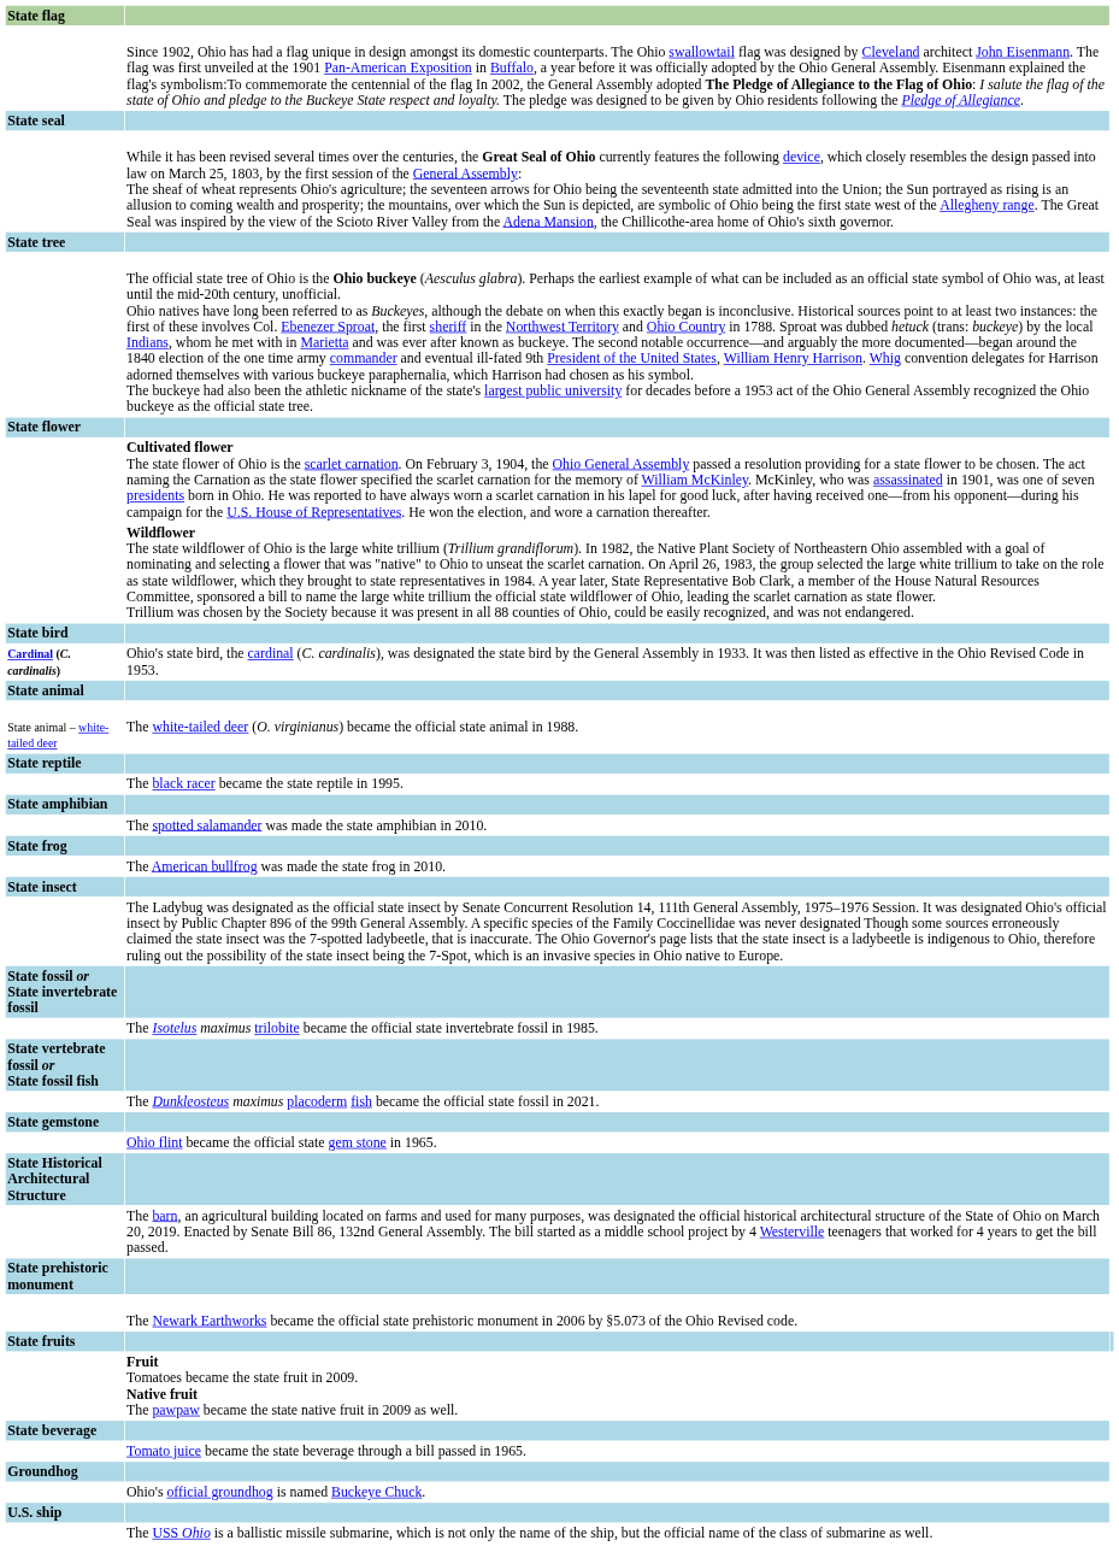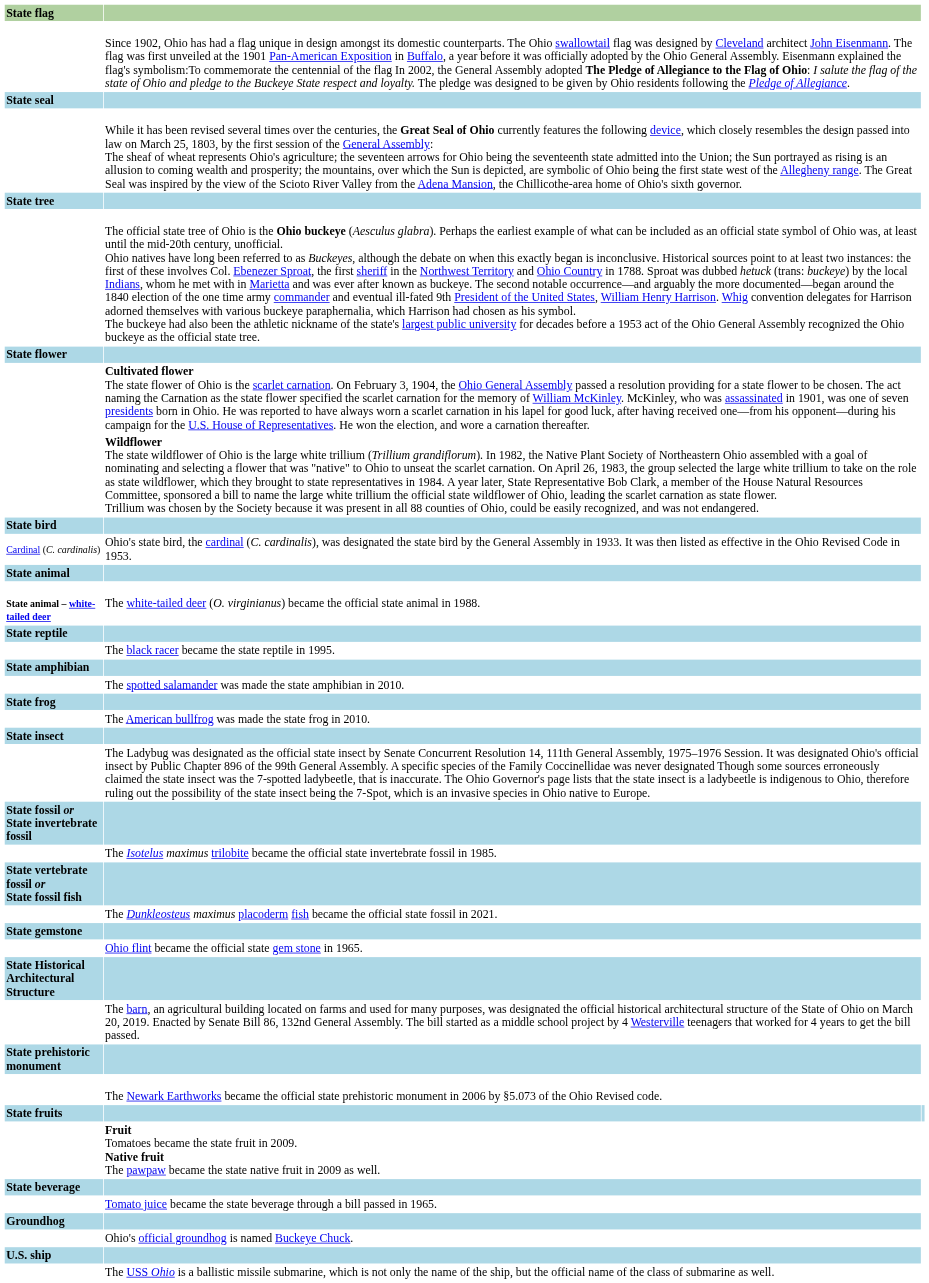 <table border="0" cellpadding="2" cellspacing="1" style="clear:both; margin-right:0.9em;">
 <tr bgcolor=blueid="Flag">
 <td><strong><span>State flag</span></strong></td>
 <td></td>
 </tr>
 <tr>
 <td></td>
 <td><br>Since 1902, Ohio has had a flag unique in design amongst its domestic counterparts. The Ohio <a href='#'>swallowtail</a> flag was designed by <a href='#'>Cleveland</a> architect <a href='#'>John Eisenmann</a>. The flag was first unveiled at the 1901 <a href='#'>Pan-American Exposition</a> in <a href='#'>Buffalo</a>, a year before it was officially adopted by the Ohio General Assembly. Eisenmann explained the flag's symbolism:To commemorate the centennial of the flag In 2002, the General Assembly adopted <strong>The Pledge of Allegiance to the Flag of Ohio</strong>: <em>I salute the flag of the state of Ohio and pledge to the Buckeye State respect and loyalty.</em> The pledge was designed to be given by Ohio residents following the <em><a href='#'>Pledge of Allegiance</a></em>.</td>
 </tr>
 <tr style="background:lightblue;" id="Seal">
 <td><strong><span>State seal</span></strong></td>
 <td></td>
 </tr>
 <tr>
 <td></td>
 <td><br>While it has been revised several times over the centuries, the <strong>Great Seal of Ohio</strong> currently features the following <a href='#'>device</a>, which closely resembles the design passed into law on March 25, 1803, by the first session of the <a href='#'>General Assembly</a>:<br>  The sheaf of wheat represents Ohio's agriculture; the seventeen arrows for Ohio being the seventeenth state admitted into the Union; the Sun portrayed as rising is an allusion to coming wealth and prosperity; the mountains, over which the Sun is depicted, are symbolic of Ohio being the first state west of the <a href='#'>Allegheny range</a>. The Great Seal was inspired by the view of the Scioto River Valley from the <a href='#'>Adena Mansion</a>, the Chillicothe-area home of Ohio's sixth governor.</td>
 </tr>
 <tr style="background:lightblue;" id="Tree">
 <td><strong><span>State tree</span></strong></td>
 <td></td>
 </tr>
 <tr>
 <td> </td>
 <td><br>The official state tree of Ohio is the <strong>Ohio buckeye</strong> (<em>Aesculus glabra</em>). Perhaps the earliest example of what can be included as an official state symbol of Ohio was, at least until the mid-20th century, unofficial.<br>Ohio natives have long been referred to as <em>Buckeyes</em>, although the debate on when this exactly began is inconclusive. Historical sources point to at least two instances: the first of these involves Col. <a href='#'>Ebenezer Sproat</a>, the first <a href='#'>sheriff</a> in the <a href='#'>Northwest Territory</a> and <a href='#'>Ohio Country</a> in 1788. Sproat was dubbed <em>hetuck</em> (trans: <em>buckeye</em>) by the local <a href='#'>Indians</a>, whom he met with in <a href='#'>Marietta</a> and was ever after known as buckeye.  The second notable occurrence—and arguably the more documented—began around the 1840 election of the one time army <a href='#'>commander</a> and eventual ill-fated 9th <a href='#'>President of the United States</a>, <a href='#'>William Henry Harrison</a>. <a href='#'>Whig</a> convention delegates for Harrison adorned themselves with various buckeye paraphernalia, which Harrison had chosen as his symbol.<br>The buckeye had also been the athletic nickname of the state's <a href='#'>largest public university</a> for decades before a 1953 act of the Ohio General Assembly recognized the Ohio buckeye as the official state tree.</td>
 </tr>
 <tr style="background:lightblue;" id="Flowers">
 <td><strong><span>State flower</span></strong></td>
 <td></td>
 </tr>
 <tr>
 <td></td>
 <td><strong>Cultivated flower</strong><br>The state flower of Ohio is the <a href='#'>scarlet carnation</a>. On February 3, 1904, the <a href='#'>Ohio General Assembly</a> passed a resolution providing for a state flower to be chosen. The act naming the Carnation as the state flower specified the scarlet carnation for the memory of <a href='#'>William McKinley</a>. McKinley, who was <a href='#'>assassinated</a> in 1901, was one of seven <a href='#'>presidents</a> born in Ohio. He was reported to have always worn a scarlet carnation in his lapel for good luck, after having received one—from his opponent—during his campaign for the <a href='#'>U.S. House of Representatives</a>. He won the election, and wore a carnation thereafter.</td>
 </tr>
 <tr>
 <td></td>
 <td><strong>Wildflower</strong><br>The state wildflower of Ohio is the large white trillium (<em>Trillium grandiflorum</em>). In 1982, the Native Plant Society of Northeastern Ohio assembled with a goal of nominating and selecting a flower that was "native" to Ohio to unseat the scarlet carnation. On April 26, 1983, the group selected the large white trillium to take on the role as state wildflower, which they brought to state representatives in 1984. A year later, State Representative Bob Clark, a member of the House Natural Resources Committee, sponsored a bill to name the large white trillium the official state wildflower of Ohio, leading the scarlet carnation as state flower.<br>Trillium was chosen by the Society because it was present in all 88 counties of Ohio, could be easily recognized, and was not endangered.</td>
 </tr>
 <tr style="background:lightblue;" id="Birds">
 <td><strong><span>State bird</span></strong></td>
 <td></td>
 </tr>
 <tr>
-<td><strong> <small> <a href='#'>Cardinal</a> (<em>C. cardinalis</em>)</small></strong></td>
+<td> <small> <a href='#'>Cardinal</a> (<em>C. cardinalis</em>)</small></td>
 <td>Ohio's state bird, the <a href='#'>cardinal</a> (<em>C. cardinalis</em>), was designated the state bird by the General Assembly in 1933.  It was then listed as effective in the Ohio Revised Code in 1953.</td>
 </tr>
 <tr style="background:lightblue;" id="State animal">
 <td><strong><span>State animal</span></strong></td>
 <td></td>
 </tr>
 <tr>
-<td><br><small>State animal – <a href='#'>white-tailed deer</a></small></td>
+<td><strong><br><small>State animal – <a href='#'>white-tailed deer</a></small></strong></td>
 <td>The <a href='#'>white-tailed deer</a> (<em>O. virginianus</em>) became the official state animal in 1988.</td>
 </tr>
 <tr style="background:lightblue;" id="Reptile">
 <td><strong><span>State reptile</span></strong></td>
 <td></td>
 </tr>
 <tr>
 <td></td>
 <td>The <a href='#'>black racer</a> became the  state reptile in 1995.</td>
 </tr>
 <tr style="background:lightblue;" id="Amphibian">
 <td><strong><span>State amphibian</span></strong></td>
 <td></td>
 </tr>
 <tr>
 <td></td>
 <td>The <a href='#'>spotted salamander</a> was made the state amphibian in 2010.</td>
 </tr>
 <tr style="background:lightblue;" id="Frog">
 <td><strong><span>State frog</span></strong></td>
 <td></td>
 </tr>
 <tr>
 <td></td>
 <td>The <a href='#'>American bullfrog</a> was made the state frog in 2010.</td>
 </tr>
 <tr style="background:lightblue;" id="Insect">
 <td><strong><span>State insect</span></strong></td>
 <td></td>
 </tr>
 <tr>
 <td></td>
 <td>The Ladybug was designated as the official state insect by Senate Concurrent Resolution 14, 111th General Assembly, 1975–1976 Session. It was designated Ohio's official insect by Public Chapter 896 of the 99th General Assembly. A specific species of the Family Coccinellidae was never designated Though some sources erroneously claimed the state insect was the 7-spotted ladybeetle, that is inaccurate. The Ohio Governor's page lists that the state insect is a ladybeetle is indigenous to Ohio, therefore ruling out the possibility of the state insect being the 7-Spot, which is an invasive species in Ohio native to Europe.</td>
 <td></td>
 </tr>
 <tr bgcolor=lightblue id="Fossil (invertebrate) [Fossil ">
 <td><strong><span>State fossil <em>or</em><br> State invertebrate fossil</span></strong></td>
 <td></td>
 </tr>
 <tr>
 <td></td>
 <td>The <em><a href='#'>Isotelus</a> maximus</em> <a href='#'>trilobite</a> became the official state invertebrate fossil in 1985.</td>
 <td></td>
 <td></td>
 </tr>
 <tr bgcolor=lightblue id="Fossil (vertebrate/fish) [Vertebrate Fossil ">
 <td><strong><span>State vertebrate fossil <em>or</em><br> State fossil fish</span></strong></td>
 <td></td>
 </tr>
 <tr>
 <td></td>
 <td>The <em><a href='#'>Dunkleosteus</a> maximus</em> <a href='#'>placoderm</a> <a href='#'>fish</a> became the official state fossil in 2021.</td>
 <td></td>
 </tr>
 <tr style="background:lightblue;" id="Mineral">
 <td><strong><span>State gemstone</span></strong></td>
 <td></td>
 </tr>
 <tr>
 <td></td>
 <td><a href='#'>Ohio flint</a> became the official state <a href='#'>gem stone</a> in 1965.</td>
 <td></td>
 <td></td>
 </tr>
 <tr style="background:lightblue;" id="State Historical Architectural Structure">
 <td><strong><span>State Historical Architectural Structure</span></strong></td>
 <td></td>
 </tr>
 <tr>
 <td></td>
 <td>The <a href='#'>barn</a>, an agricultural building located on farms and used for many purposes, was designated the official historical architectural structure of the State of Ohio on March 20, 2019.  Enacted by Senate Bill 86, 132nd General Assembly.  The bill started as a middle school project by 4 <a href='#'>Westerville</a> teenagers that worked for 4 years to get the bill passed.</td>
 <td></td>
 </tr>
 <tr style="background:lightblue;" id="Prehistoric Monument">
 <td><strong><span>State prehistoric monument</span></strong></td>
 <td></td>
 </tr>
 <tr>
 <td></td>
 <td><br>The <a href='#'>Newark Earthworks</a> became the official state prehistoric monument in 2006 by §5.073 of the Ohio Revised code.</td>
 <td></td>
 <td></td>
 </tr>
 <tr style="background:lightblue;" id="Fruits">
 <td><strong><span>State fruits</span></strong></td>
 <td></td>
 <td></td>
 </tr>
 <tr>
 <td> </td>
 <td><strong>Fruit</strong><br>Tomatoes became the state fruit in 2009.<br><strong>Native fruit</strong><br>The <a href='#'>pawpaw</a> became the state native fruit in 2009 as well.</td>
 <td></td>
 <td></td>
 </tr>
 <tr style="background:lightblue;" id="Beverage">
 <td><strong><span>State beverage</span></strong></td>
 <td></td>
 </tr>
 <tr>
 <td></td>
 <td><a href='#'>Tomato juice</a> became the state beverage through a bill passed in 1965.</td>
 <td></td>
 </tr>
 <tr style="background:lightblue;" id="Official groundhog">
 <td><strong><span>Groundhog</span></strong></td>
 <td></td>
 </tr>
 <tr>
 <td></td>
 <td>Ohio's <a href='#'>official groundhog</a> is named <a href='#'>Buckeye Chuck</a>.</td>
 <td></td>
 </tr>
 <tr style="background:lightblue;" id="U.S. Ship">
 <td><strong><span>U.S. ship</span></strong></td>
 <td></td>
 </tr>
 <tr>
 <td></td>
 <td>The <a href='#'>USS <em>Ohio</em></a> is a ballistic missile submarine, which is not only the name of the ship, but the official name of the class of submarine as well.</td>
 </tr>
 </table>
